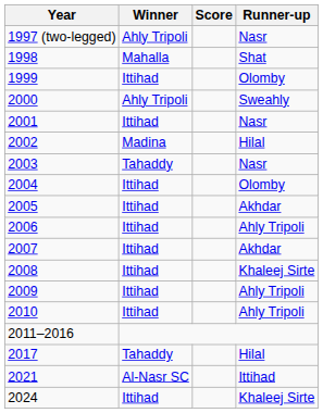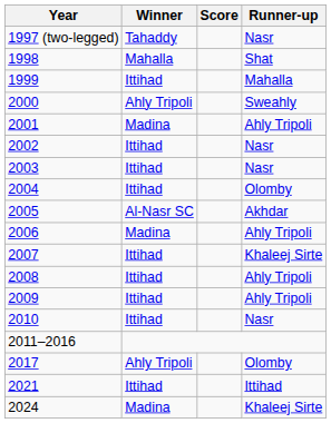 <table class="wikitable">
 <tr>
 <th>Year</th>
 <th>Winner</th>
 <th>Score</th>
 <th>Runner-up</th>
 </tr>
 <tr>
 <td><a href='#'>1997</a> (two-legged)</td>
-<td><a href='#'>Ahly Tripoli</a></td>
+<td><a href='#'>Tahaddy</a></td>
 <td></td>
 <td><a href='#'>Nasr</a></td>
 </tr>
 <tr>
 <td><a href='#'>1998</a></td>
 <td><a href='#'>Mahalla</a></td>
 <td></td>
 <td><a href='#'>Shat</a></td>
 </tr>
 <tr>
 <td><a href='#'>1999</a></td>
 <td><a href='#'>Ittihad</a></td>
 <td></td>
-<td><a href='#'>Olomby</a></td>
+<td><a href='#'>Mahalla</a></td>
 </tr>
 <tr>
 <td><a href='#'>2000</a></td>
 <td><a href='#'>Ahly Tripoli</a></td>
 <td></td>
 <td><a href='#'>Sweahly</a></td>
 </tr>
 <tr>
 <td><a href='#'>2001</a></td>
+<td><a href='#'>Madina</a></td>
+<td></td>
+<td><a href='#'>Ahly Tripoli</a></td>
+</tr>
+<tr>
+<td><a href='#'>2002</a></td>
 <td><a href='#'>Ittihad</a></td>
 <td></td>
 <td><a href='#'>Nasr</a></td>
 </tr>
 <tr>
-<td><a href='#'>2002</a></td>
-<td><a href='#'>Madina</a></td>
-<td></td>
-<td><a href='#'>Hilal</a></td>
-</tr>
-<tr>
 <td><a href='#'>2003</a></td>
-<td><a href='#'>Tahaddy</a></td>
+<td><a href='#'>Ittihad</a></td>
 <td></td>
 <td><a href='#'>Nasr</a></td>
 </tr>
 <tr>
 <td><a href='#'>2004</a></td>
 <td><a href='#'>Ittihad</a></td>
 <td></td>
 <td><a href='#'>Olomby</a></td>
 </tr>
 <tr>
 <td><a href='#'>2005</a></td>
-<td><a href='#'>Ittihad</a></td>
+<td><a href='#'>Al-Nasr SC</a></td>
 <td></td>
 <td><a href='#'>Akhdar</a></td>
 </tr>
 <tr>
 <td><a href='#'>2006</a></td>
-<td><a href='#'>Ittihad</a></td>
+<td><a href='#'>Madina</a></td>
 <td></td>
 <td><a href='#'>Ahly Tripoli</a></td>
 </tr>
 <tr>
 <td><a href='#'>2007</a></td>
 <td><a href='#'>Ittihad</a></td>
 <td></td>
-<td><a href='#'>Akhdar</a></td>
+<td><a href='#'>Khaleej Sirte</a></td>
 </tr>
 <tr>
 <td><a href='#'>2008</a></td>
 <td><a href='#'>Ittihad</a></td>
 <td></td>
-<td><a href='#'>Khaleej Sirte</a></td>
+<td><a href='#'>Ahly Tripoli</a></td>
 </tr>
 <tr>
 <td><a href='#'>2009</a></td>
 <td><a href='#'>Ittihad</a></td>
 <td></td>
 <td><a href='#'>Ahly Tripoli</a></td>
 </tr>
 <tr>
 <td><a href='#'>2010</a></td>
 <td><a href='#'>Ittihad</a></td>
 <td></td>
-<td><a href='#'>Ahly Tripoli</a></td>
+<td><a href='#'>Nasr</a></td>
 </tr>
 <tr>
 <td>2011–2016</td>
 <td colspan="3"></td>
 </tr>
 <tr>
 <td><a href='#'>2017</a></td>
-<td><a href='#'>Tahaddy</a></td>
+<td><a href='#'>Ahly Tripoli</a></td>
 <td></td>
-<td><a href='#'>Hilal</a></td>
+<td><a href='#'>Olomby</a></td>
 </tr>
 <tr>
 <td><a href='#'>2021</a></td>
-<td><a href='#'>Al-Nasr SC</a></td>
+<td><a href='#'>Ittihad</a></td>
 <td></td>
 <td><a href='#'>Ittihad</a></td>
 </tr>
 <tr>
 <td>2024</td>
-<td><a href='#'>Ittihad</a></td>
+<td><a href='#'>Madina</a></td>
 <td></td>
 <td><a href='#'>Khaleej Sirte</a></td>
 </tr>
 </table>
